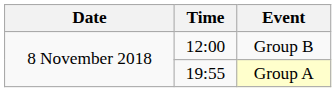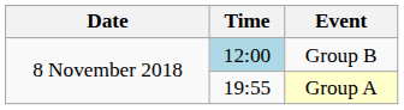 <table class = "wikitable" style="text-align:center;">
 <tr>
 <th width=150>Date</th>
 <th width=50>Time</th>
 <th width=80>Event</th>
 </tr>
 <tr>
 <td rowspan=2>8 November 2018</td>
-<td>12:00</td>
+<td style="background: lightblue;">12:00</td>
 <td>Group B</td>
 </tr>
 <tr>
 <td>19:55</td>
 <td bgcolor=ffffcc>Group A</td>
 </tr>
 </table>
